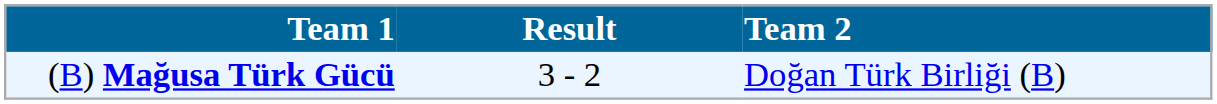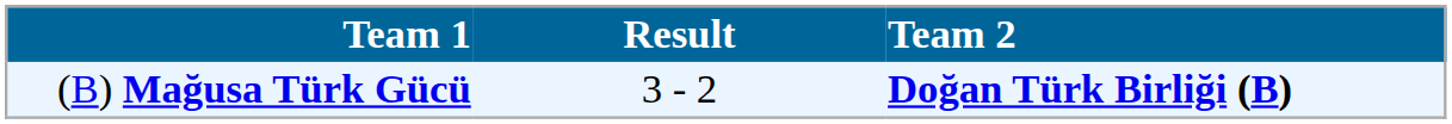 <table cellspacing="0" style="background: #EBF5FF; border: 1px #aaa solid; border-collapse: collapse; font-size: 95%;" width=60%>
 <tr bgcolor=#006699 style="color:white;">
 <th width=25% align="right">Team 1</th>
 <th width=22% align="center">Result</th>
 <th width=30% align="left">Team 2</th>
 </tr>
 <tr>
 <td align=right>(<a href='#'>B</a>) <strong><a href='#'>Mağusa Türk Gücü</a></strong></td>
 <td align=center>3 - 2</td>
-<td align=left><a href='#'>Doğan Türk Birliği</a> (<a href='#'>B</a>)</td>
+<td align=left><strong><a href='#'>Doğan Türk Birliği</a> (<a href='#'>B</a>)</strong></td>
 </tr>
 <tr>
 </tr>
 </table>
